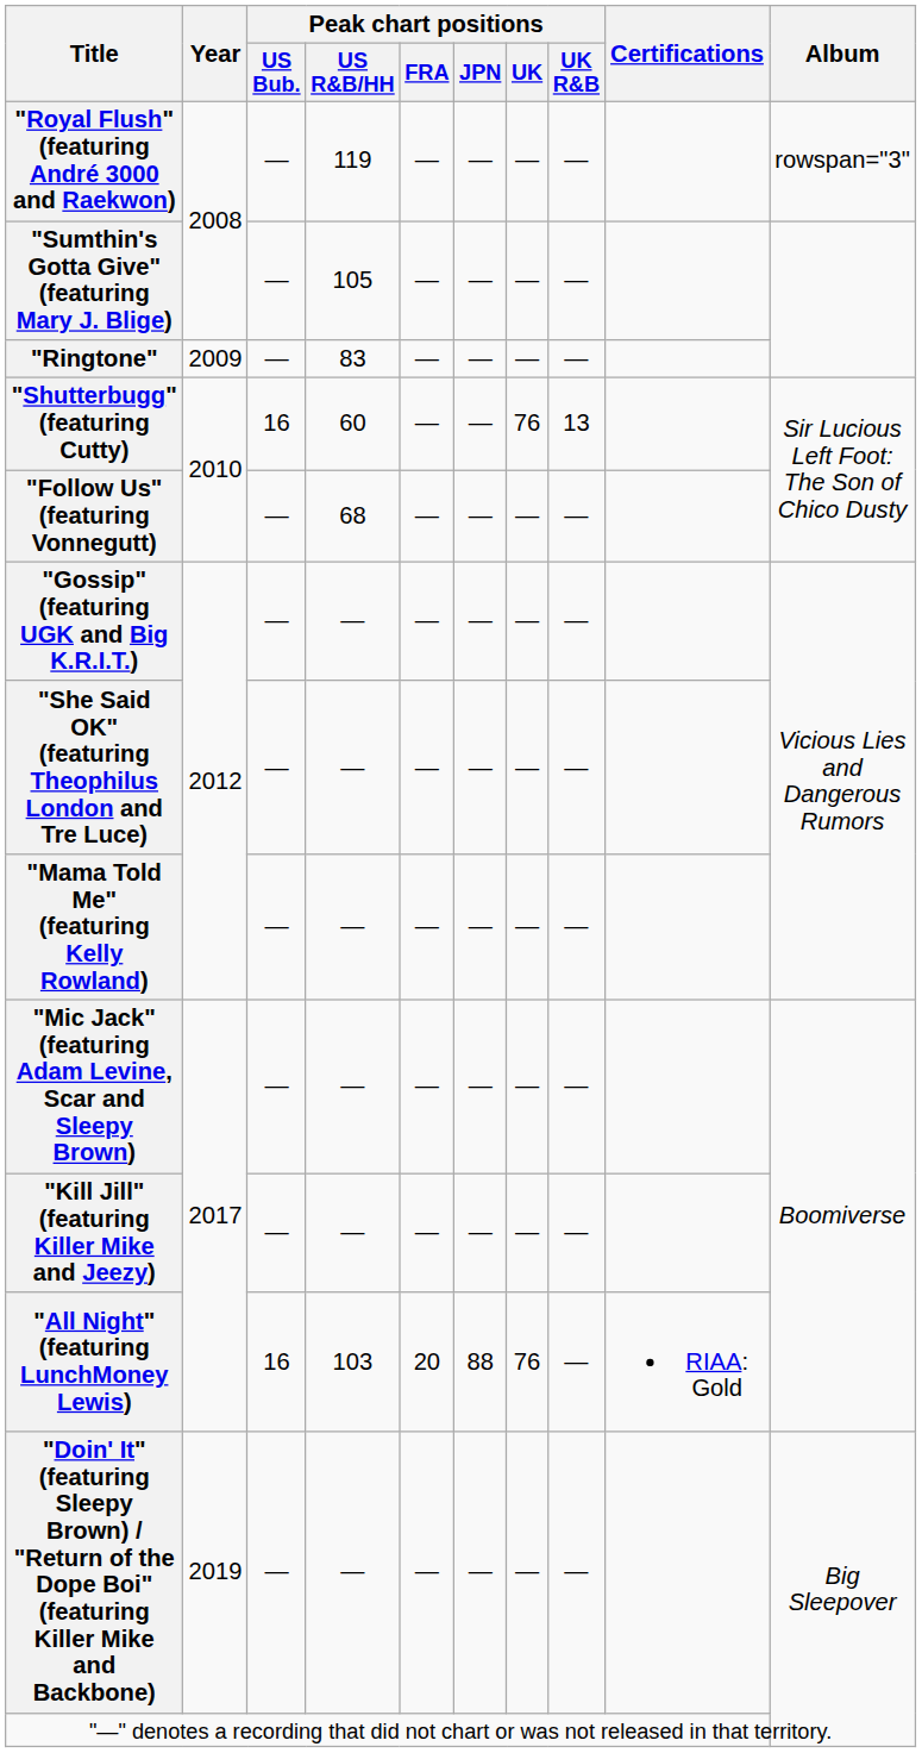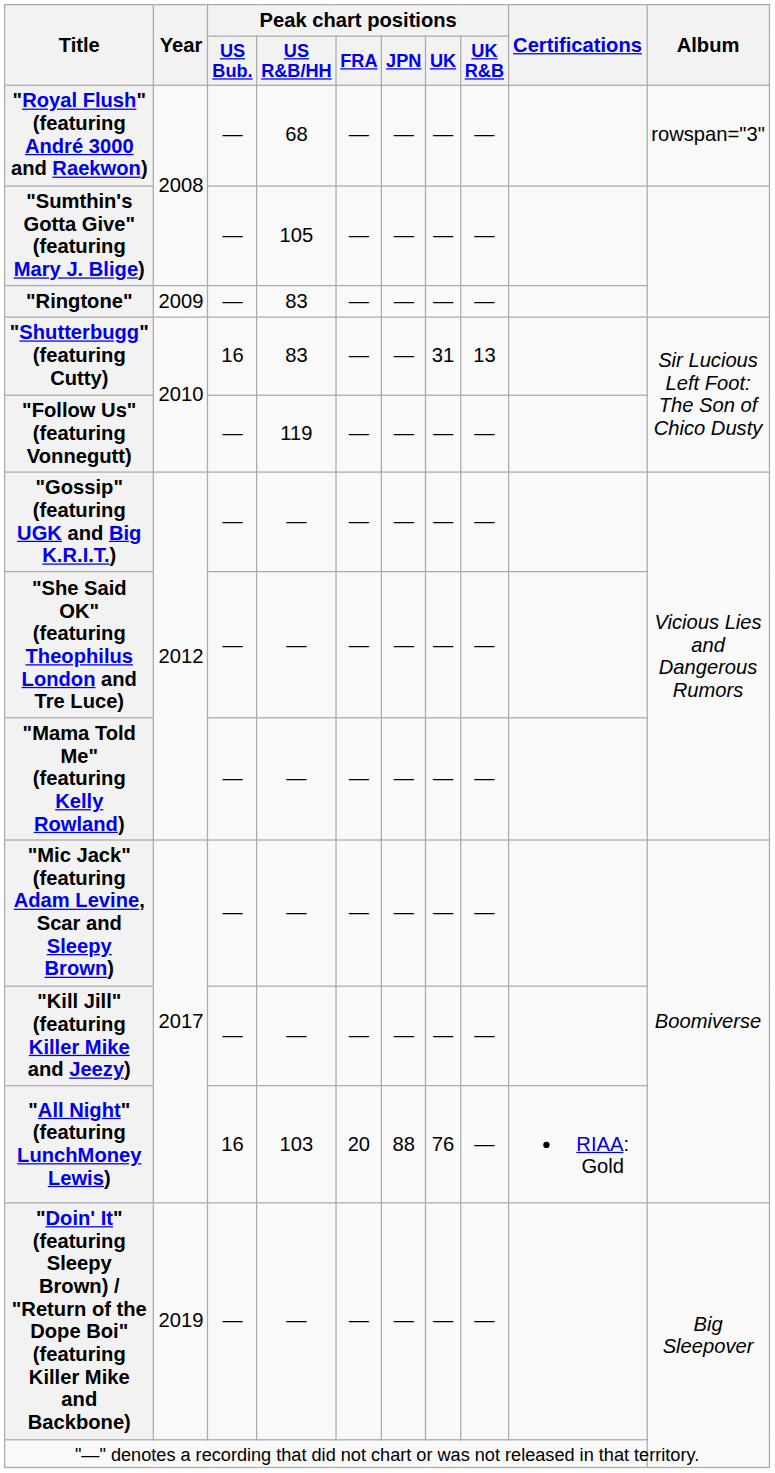 <table class="wikitable plainrowheaders" style="text-align:center;" border="1">
 <tr>
 <th scope="col" rowspan="2" style="width:18.5em;">Title</th>
 <th scope="col" rowspan="2">Year</th>
 <th scope="col" colspan="6">Peak chart positions</th>
 <th scope="col" rowspan="2" style="width:8em;"><a href='#'>Certifications</a></th>
 <th scope="col" rowspan="2">Album</th>
 </tr>
 <tr>
 <th scope="col" style="width:3em;font-size:90%;"><a href='#'>US<br>Bub.</a><br></th>
 <th scope="col" style="width:3em;font-size:90%;"><a href='#'>US<br>R&B/HH</a><br></th>
 <th scope="col" style="width:3em;font-size:90%;"><a href='#'>FRA</a><br></th>
 <th scope="col" style="width:3em;font-size:90%"><a href='#'>JPN</a><br></th>
 <th scope="col" style="width:3em;font-size:90%;"><a href='#'>UK</a><br></th>
 <th scope="col" style="width:3em;font-size:90%;"><a href='#'>UK<br>R&B</a><br></th>
 </tr>
 <tr>
 <th scope="row">"<a href='#'>Royal Flush</a>"<br><span>(featuring <a href='#'>André 3000</a> and <a href='#'>Raekwon</a>)</span></th>
 <td rowspan="2">2008</td>
 <td>—</td>
-<td>119</td>
+<td>68</td>
 <td>—</td>
 <td>—</td>
 <td>—</td>
 <td>—</td>
 <td></td>
 <td>rowspan="3" </td>
 </tr>
 <tr>
 <th scope="row">"Sumthin's Gotta Give"<br><span>(featuring <a href='#'>Mary J. Blige</a>)</span></th>
 <td>—</td>
 <td>105</td>
 <td>—</td>
 <td>—</td>
 <td>—</td>
 <td>—</td>
 <td></td>
 </tr>
 <tr>
 <th scope="row">"Ringtone"</th>
 <td>2009</td>
 <td>—</td>
 <td>83</td>
 <td>—</td>
 <td>—</td>
 <td>—</td>
 <td>—</td>
 <td></td>
 </tr>
 <tr>
 <th scope="row">"<a href='#'>Shutterbugg</a>"<br><span>(featuring Cutty)</span></th>
 <td rowspan="2">2010</td>
 <td>16</td>
-<td>60</td>
+<td>83</td>
 <td>—</td>
 <td>—</td>
-<td>76</td>
+<td>31</td>
 <td>13</td>
 <td></td>
 <td rowspan="2"><em>Sir Lucious Left Foot: The Son of Chico Dusty</em></td>
 </tr>
 <tr>
 <th scope="row">"Follow Us"<br><span>(featuring Vonnegutt)</span></th>
 <td>—</td>
-<td>68</td>
+<td>119</td>
 <td>—</td>
 <td>—</td>
 <td>—</td>
 <td>—</td>
 <td></td>
 </tr>
 <tr>
 <th scope="row">"Gossip"<br><span>(featuring <a href='#'>UGK</a> and <a href='#'>Big K.R.I.T.</a>)</span></th>
 <td rowspan="3">2012</td>
 <td>—</td>
 <td>—</td>
 <td>—</td>
 <td>—</td>
 <td>—</td>
 <td>—</td>
 <td></td>
 <td rowspan="3"><em>Vicious Lies and Dangerous Rumors</em></td>
 </tr>
 <tr>
 <th scope="row">"She Said OK"<br><span>(featuring <a href='#'>Theophilus London</a> and Tre Luce)</span></th>
 <td>—</td>
 <td>—</td>
 <td>—</td>
 <td>—</td>
 <td>—</td>
 <td>—</td>
 <td></td>
 </tr>
 <tr>
 <th scope="row">"Mama Told Me"<br><span>(featuring <a href='#'>Kelly Rowland</a>)</span></th>
 <td>—</td>
 <td>—</td>
 <td>—</td>
 <td>—</td>
 <td>—</td>
 <td>—</td>
 <td></td>
 </tr>
 <tr>
 <th scope="row">"Mic Jack"<br><span>(featuring <a href='#'>Adam Levine</a>, Scar and <a href='#'>Sleepy Brown</a>)</span></th>
 <td rowspan="3">2017</td>
 <td>—</td>
 <td>—</td>
 <td>—</td>
 <td>—</td>
 <td>—</td>
 <td>—</td>
 <td></td>
 <td rowspan="3"><em>Boomiverse</em></td>
 </tr>
 <tr>
 <th scope="row">"Kill Jill"<br><span>(featuring <a href='#'>Killer Mike</a> and <a href='#'>Jeezy</a>)</span></th>
 <td>—</td>
 <td>—</td>
 <td>—</td>
 <td>—</td>
 <td>—</td>
 <td>—</td>
 <td></td>
 </tr>
 <tr>
 <th scope="row">"<a href='#'>All Night</a>"<br><span>(featuring <a href='#'>LunchMoney Lewis</a>)</span></th>
 <td>16</td>
 <td>103</td>
 <td>20</td>
 <td>88</td>
 <td>76</td>
 <td>—</td>
 <td><br><ul><li><a href='#'>RIAA</a>: Gold</li></ul></td>
 </tr>
 <tr>
 <th scope="row">"<a href='#'>Doin' It</a>" <span>(featuring Sleepy Brown)</span> /<br> "Return of the Dope Boi" <br><span>(featuring Killer Mike and Backbone)</span></th>
 <td>2019</td>
 <td>—</td>
 <td>—</td>
 <td>—</td>
 <td>—</td>
 <td>—</td>
 <td>—</td>
 <td></td>
 <td rowspan="3"><em>Big Sleepover</em></td>
 </tr>
 <tr>
 <td colspan="14" style="font-size:90%">"—" denotes a recording that did not chart or was not released in that territory.</td>
 </tr>
 </table>
